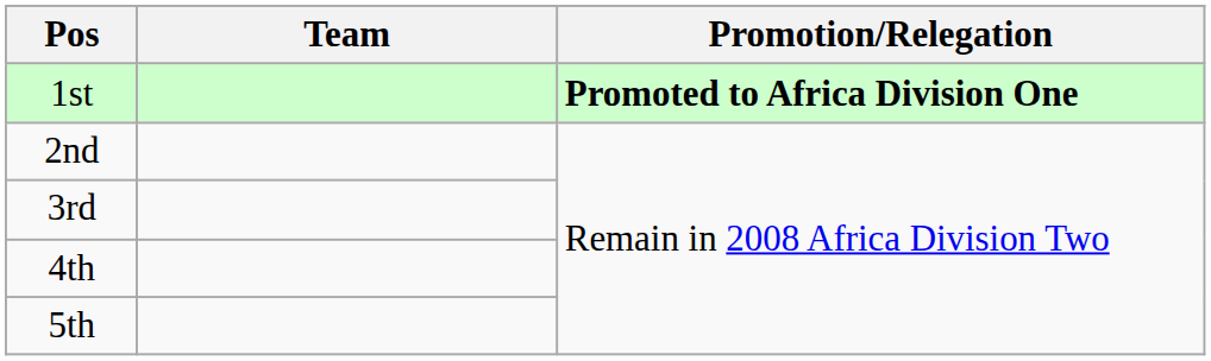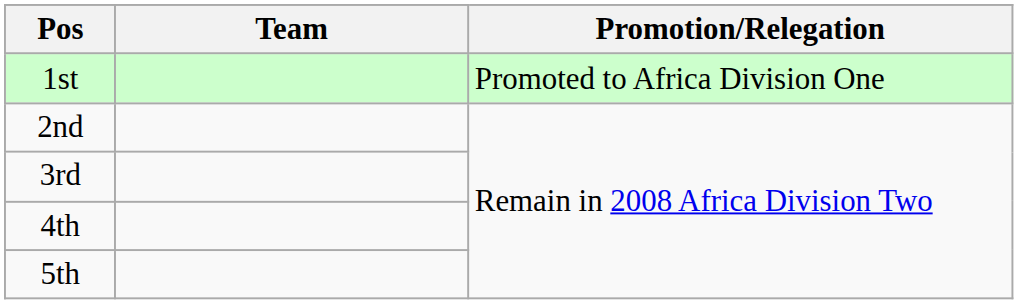 <table class="wikitable">
 <tr>
 <th width=50>Pos</th>
 <th width=175>Team</th>
 <th width=275>Promotion/Relegation</th>
 </tr>
 <tr style="background:#ccffcc">
 <td align="center">1st</td>
 <td></td>
-<td><strong>Promoted to Africa Division One</strong></td>
+<td>Promoted to Africa Division One</td>
 </tr>
 <tr>
 <td align="center">2nd</td>
 <td></td>
 <td rowspan=4>Remain in <a href='#'>2008 Africa Division Two</a></td>
 </tr>
 <tr>
 <td align="center">3rd</td>
 <td></td>
 </tr>
 <tr>
 <td align="center">4th</td>
 <td></td>
 </tr>
 <tr>
 <td align="center">5th</td>
 <td></td>
 </tr>
 </table>
